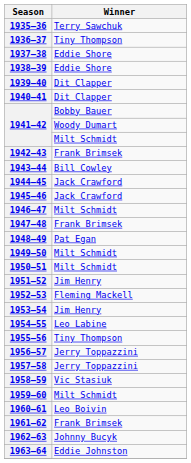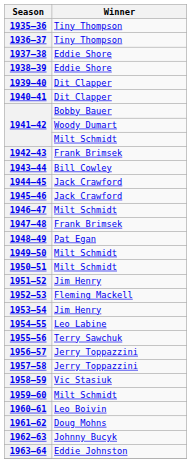 <table class="wikitable">
 <tr>
 <th scope="col" style="width:5em">Season</th>
 <th scope="col" style="width:15em">Winner</th>
 </tr>
 <tr>
 <th scope="row"><a href='#'>1935–36</a></th>
-<td><a href='#'>Terry Sawchuk</a></td>
+<td><a href='#'>Tiny Thompson</a></td>
 </tr>
 <tr>
 <th scope="row"><a href='#'>1936–37</a></th>
 <td><a href='#'>Tiny Thompson</a></td>
 </tr>
 <tr>
 <th scope="row"><a href='#'>1937–38</a></th>
 <td><a href='#'>Eddie Shore</a></td>
 </tr>
 <tr>
 <th scope="row"><a href='#'>1938–39</a></th>
 <td><a href='#'>Eddie Shore</a></td>
 </tr>
 <tr>
 <th scope="row"><a href='#'>1939–40</a></th>
 <td><a href='#'>Dit Clapper</a></td>
 </tr>
 <tr>
 <th scope="row"><a href='#'>1940–41</a></th>
 <td><a href='#'>Dit Clapper</a></td>
 </tr>
 <tr>
 <th scope="row" rowspan="3"><a href='#'>1941–42</a></th>
 <td><a href='#'>Bobby Bauer</a></td>
 </tr>
 <tr>
 <td><a href='#'>Woody Dumart</a></td>
 </tr>
 <tr>
 <td><a href='#'>Milt Schmidt</a></td>
 </tr>
 <tr>
 <th scope="row"><a href='#'>1942–43</a></th>
 <td><a href='#'>Frank Brimsek</a></td>
 </tr>
 <tr>
 <th scope="row"><a href='#'>1943–44</a></th>
 <td><a href='#'>Bill Cowley</a></td>
 </tr>
 <tr>
 <th scope="row"><a href='#'>1944–45</a></th>
 <td><a href='#'>Jack Crawford</a></td>
 </tr>
 <tr>
 <th scope="row"><a href='#'>1945–46</a></th>
 <td><a href='#'>Jack Crawford</a></td>
 </tr>
 <tr>
 <th scope="row"><a href='#'>1946–47</a></th>
 <td><a href='#'>Milt Schmidt</a></td>
 </tr>
 <tr>
 <th scope="row"><a href='#'>1947–48</a></th>
 <td><a href='#'>Frank Brimsek</a></td>
 </tr>
 <tr>
 <th scope="row"><a href='#'>1948–49</a></th>
 <td><a href='#'>Pat Egan</a></td>
 </tr>
 <tr>
 <th scope="row"><a href='#'>1949–50</a></th>
 <td><a href='#'>Milt Schmidt</a></td>
 </tr>
 <tr>
 <th scope="row"><a href='#'>1950–51</a></th>
 <td><a href='#'>Milt Schmidt</a></td>
 </tr>
 <tr>
 <th scope="row"><a href='#'>1951–52</a></th>
 <td><a href='#'>Jim Henry</a></td>
 </tr>
 <tr>
 <th scope="row"><a href='#'>1952–53</a></th>
 <td><a href='#'>Fleming Mackell</a></td>
 </tr>
 <tr>
 <th scope="row"><a href='#'>1953–54</a></th>
 <td><a href='#'>Jim Henry</a></td>
 </tr>
 <tr>
 <th scope="row"><a href='#'>1954–55</a></th>
 <td><a href='#'>Leo Labine</a></td>
 </tr>
 <tr>
 <th scope="row"><a href='#'>1955–56</a></th>
-<td><a href='#'>Tiny Thompson</a></td>
+<td><a href='#'>Terry Sawchuk</a></td>
 </tr>
 <tr>
 <th scope="row"><a href='#'>1956–57</a></th>
 <td><a href='#'>Jerry Toppazzini</a></td>
 </tr>
 <tr>
 <th scope="row"><a href='#'>1957–58</a></th>
 <td><a href='#'>Jerry Toppazzini</a></td>
 </tr>
 <tr>
 <th scope="row"><a href='#'>1958–59</a></th>
 <td><a href='#'>Vic Stasiuk</a></td>
 </tr>
 <tr>
 <th scope="row"><a href='#'>1959–60</a></th>
 <td><a href='#'>Milt Schmidt</a></td>
 </tr>
 <tr>
 <th scope="row"><a href='#'>1960–61</a></th>
 <td><a href='#'>Leo Boivin</a></td>
 </tr>
 <tr>
 <th scope="row"><a href='#'>1961–62</a></th>
-<td><a href='#'>Frank Brimsek</a></td>
+<td><a href='#'>Doug Mohns</a></td>
 </tr>
 <tr>
 <th scope="row"><a href='#'>1962–63</a></th>
 <td><a href='#'>Johnny Bucyk</a></td>
 </tr>
 <tr>
 <th scope="row"><a href='#'>1963–64</a></th>
 <td><a href='#'>Eddie Johnston</a></td>
 </tr>
 <tr>
 </tr>
 </table>
